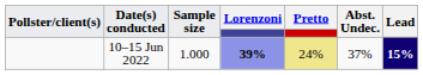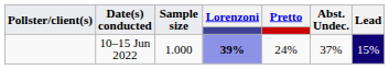 <table class="wikitable sortable" style="text-align:center;font-size:90%;line-height:14px;">
 <tr>
 <td rowspan="2" class="unsortable" style="width:50px;background:#eaecf0;"><strong>Pollster/client(s)</strong></td>
 <td rowspan="2" class="unsortable" style="width:50px;background:#eaecf0;"><strong>Date(s)<br>conducted</strong></td>
 <td rowspan="2" class="unsortable" style="width:50px;background:#eaecf0;"><strong>Sample<br> size</strong></td>
 <th class="unsortable" style="width:50px;"><a href='#'>Lorenzoni</a><br></th>
 <th class="unsortable" style="width:50px;"><a href='#'>Pretto</a><br></th>
 <th rowspan="2" class="unsortable">Abst.<br>Undec.</th>
 <th rowspan="2" class="unsortable">Lead</th>
 </tr>
 <tr>
 <th data-sort-type="number" class="sortable" style="background:#3F4196;"></th>
 <th data-sort-type="number" class="sortable" style="background:#CC0000;"></th>
 </tr>
 <tr>
 <td></td>
 <td>10–15 Jun 2022</td>
 <td>1.000</td>
 <td style="background:#8c92e6;"><strong>39%</strong></td>
-<td style="background: khaki;">24%</td>
+<td>24%</td>
 <td>37%</td>
-<td style="background:#0F0073;color:#FFFFFF;"><strong>15%</strong></td>
+<td style="background:#0F0073;color:#FFFFFF;">15%</td>
 </tr>
 </table>
